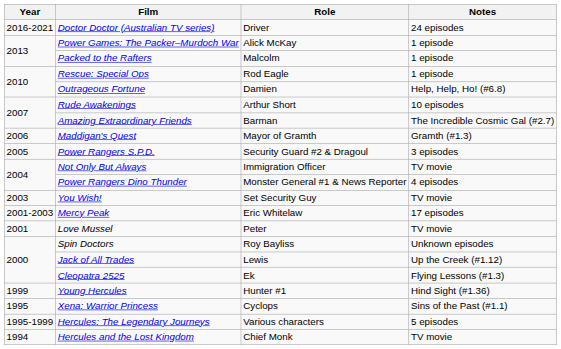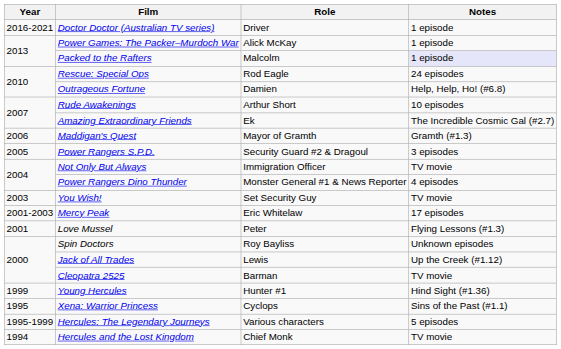 <table class="wikitable sortable">
 <tr>
 <th>Year</th>
 <th>Film</th>
 <th>Role</th>
 <th>Notes</th>
 </tr>
 <tr>
 <td>2016-2021</td>
 <td><em><a href='#'>Doctor Doctor (Australian TV series)</a></em></td>
 <td>Driver</td>
-<td>24 episodes</td>
+<td>1 episode</td>
 </tr>
 <tr>
 <td rowspan="2">2013</td>
 <td><em><a href='#'>Power Games: The Packer–Murdoch War</a></em></td>
 <td>Alick McKay</td>
 <td>1 episode</td>
 </tr>
 <tr>
 <td><em><a href='#'>Packed to the Rafters</a></em></td>
 <td>Malcolm</td>
-<td>1 episode</td>
+<td style="background: lavender;">1 episode</td>
 </tr>
 <tr>
 <td rowspan="2">2010</td>
 <td><em><a href='#'>Rescue: Special Ops</a></em></td>
 <td>Rod Eagle</td>
-<td>1 episode</td>
+<td>24 episodes</td>
 </tr>
 <tr>
 <td><em><a href='#'>Outrageous Fortune</a></em></td>
 <td>Damien</td>
 <td>Help, Help, Ho! (#6.8)</td>
 </tr>
 <tr>
 <td rowspan="2">2007</td>
 <td><em><a href='#'>Rude Awakenings</a></em></td>
 <td>Arthur Short</td>
 <td>10 episodes</td>
 </tr>
 <tr>
 <td><em><a href='#'>Amazing Extraordinary Friends</a></em></td>
-<td>Barman</td>
+<td>Ek</td>
 <td>The Incredible Cosmic Gal (#2.7)</td>
 </tr>
 <tr>
 <td>2006</td>
 <td><em><a href='#'>Maddigan's Quest</a></em></td>
 <td>Mayor of Gramth</td>
 <td>Gramth (#1.3)</td>
 </tr>
 <tr>
 <td>2005</td>
 <td><em><a href='#'>Power Rangers S.P.D.</a></em></td>
 <td>Security Guard #2 & Dragoul</td>
 <td>3 episodes</td>
 </tr>
 <tr>
 <td rowspan="2">2004</td>
 <td><em><a href='#'>Not Only But Always</a></em></td>
 <td>Immigration Officer</td>
 <td>TV movie</td>
 </tr>
 <tr>
 <td><em><a href='#'>Power Rangers Dino Thunder</a></em></td>
 <td>Monster General #1 & News Reporter</td>
 <td>4 episodes</td>
 </tr>
 <tr>
 <td>2003</td>
 <td><em><a href='#'>You Wish!</a></em></td>
 <td>Set Security Guy</td>
 <td>TV movie</td>
 </tr>
 <tr>
 <td>2001-2003</td>
 <td><em><a href='#'>Mercy Peak</a></em></td>
 <td>Eric Whitelaw</td>
 <td>17 episodes</td>
 </tr>
 <tr>
 <td>2001</td>
 <td><em>Love Mussel</em></td>
 <td>Peter</td>
-<td>TV movie</td>
+<td>Flying Lessons (#1.3)</td>
 </tr>
 <tr>
 <td rowspan="3">2000</td>
 <td><em>Spin Doctors</em></td>
 <td>Roy Bayliss</td>
 <td>Unknown episodes</td>
 </tr>
 <tr>
 <td><em><a href='#'>Jack of All Trades</a></em></td>
 <td>Lewis</td>
 <td>Up the Creek (#1.12)</td>
 </tr>
 <tr>
 <td><em><a href='#'>Cleopatra 2525</a></em></td>
-<td>Ek</td>
-<td>Flying Lessons (#1.3)</td>
+<td>Barman</td>
+<td>TV movie</td>
 </tr>
 <tr>
 <td>1999</td>
 <td><em><a href='#'>Young Hercules</a></em></td>
 <td>Hunter #1</td>
 <td>Hind Sight (#1.36)</td>
 </tr>
 <tr>
 <td>1995</td>
 <td><em><a href='#'>Xena: Warrior Princess</a></em></td>
 <td>Cyclops</td>
 <td>Sins of the Past (#1.1)</td>
 </tr>
 <tr>
 <td>1995-1999</td>
 <td><em><a href='#'>Hercules: The Legendary Journeys</a></em></td>
 <td>Various characters</td>
 <td>5 episodes</td>
 </tr>
 <tr>
 <td>1994</td>
 <td><em><a href='#'>Hercules and the Lost Kingdom</a></em></td>
 <td>Chief Monk</td>
 <td>TV movie</td>
 </tr>
 </table>
